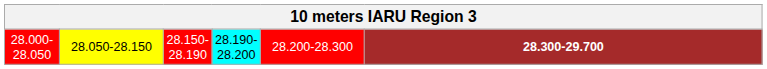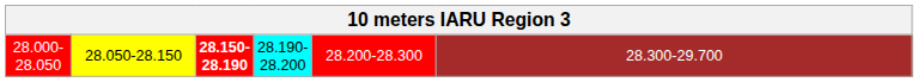 <table class="wikitable">
 <tr>
 <th colspan=6>10 meters   IARU Region 3</th>
 </tr>
 <tr style="text-align:center;font-size:80%;">
 <td width=  50px style="background-color:red;color:white;">28.000-28.050</td>
 <td width= 100px style="background-color:yellow;">28.050-28.150</td>
-<td width=  40px style="background-color:red;color:white;">28.150-28.190</td>
+<td width=  40px style="background-color:red;color:white;"><strong>28.150-28.190</strong></td>
 <td width=  20px style="background-color:cyan;">28.190-28.200</td>
 <td width= 100px style="background-color:red;color:white;">28.200-28.300</td>
-<td width= 400px style="background-color:brown;color:white;"><strong>28.300-29.700</strong></td>
+<td width= 400px style="background-color:brown;color:white;">28.300-29.700</td>
 </tr>
 </table>
